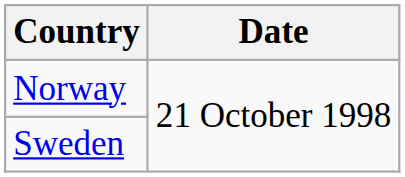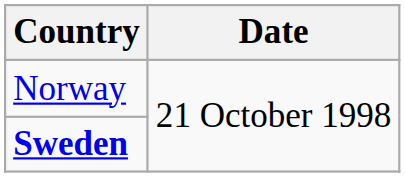 <table class="wikitable">
 <tr>
 <th>Country</th>
 <th>Date</th>
 </tr>
 <tr>
 <td><a href='#'>Norway</a></td>
 <td rowspan="2">21 October 1998</td>
 </tr>
 <tr>
-<td><a href='#'>Sweden</a></td>
+<td><strong><a href='#'>Sweden</a></strong></td>
 </tr>
 </table>
